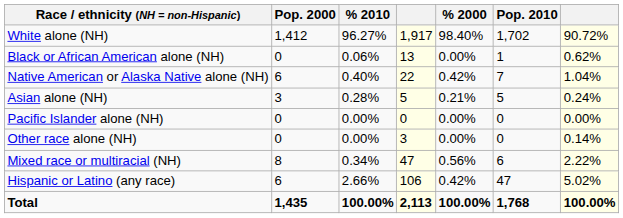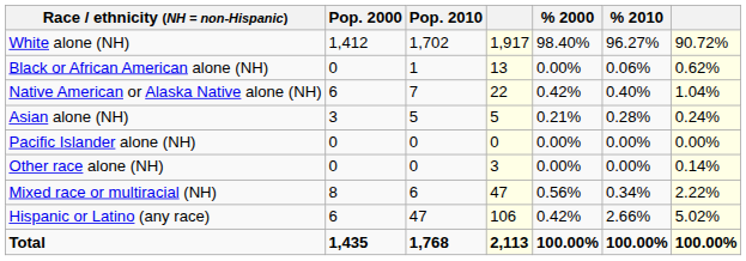 <table class="wikitable">
 <tr>
 <th>Race / ethnicity <small>(<em>NH = non-Hispanic</em>)</small></th>
 <th>Pop. 2000</th>
-<th>% 2010</th>
+<th>Pop. 2010</th>
 <th></th>
 <th>% 2000</th>
-<th>Pop. 2010</th>
+<th>% 2010</th>
 <th></th>
 </tr>
 <tr>
 <td><a href='#'>White</a> alone (NH)</td>
 <td>1,412</td>
-<td>96.27%</td>
+<td>1,702</td>
 <td style='background: #ffffe6;'>1,917</td>
 <td>98.40%</td>
-<td>1,702</td>
+<td>96.27%</td>
 <td style='background: #ffffe6;'>90.72%</td>
 </tr>
 <tr>
 <td><a href='#'>Black or African American</a> alone (NH)</td>
 <td>0</td>
-<td>0.06%</td>
+<td>1</td>
 <td style='background: #ffffe6;'>13</td>
 <td>0.00%</td>
-<td>1</td>
+<td>0.06%</td>
 <td style='background: #ffffe6;'>0.62%</td>
 </tr>
 <tr>
 <td><a href='#'>Native American</a> or <a href='#'>Alaska Native</a> alone (NH)</td>
 <td>6</td>
-<td>0.40%</td>
+<td>7</td>
 <td style='background: #ffffe6;'>22</td>
 <td>0.42%</td>
-<td>7</td>
+<td>0.40%</td>
 <td style='background: #ffffe6;'>1.04%</td>
 </tr>
 <tr>
 <td><a href='#'>Asian</a> alone (NH)</td>
 <td>3</td>
-<td>0.28%</td>
+<td>5</td>
 <td style='background: #ffffe6;'>5</td>
 <td>0.21%</td>
-<td>5</td>
+<td>0.28%</td>
 <td style='background: #ffffe6;'>0.24%</td>
 </tr>
 <tr>
 <td><a href='#'>Pacific Islander</a> alone (NH)</td>
 <td>0</td>
-<td>0.00%</td>
+<td>0</td>
 <td style='background: #ffffe6;'>0</td>
 <td>0.00%</td>
-<td>0</td>
+<td>0.00%</td>
 <td style='background: #ffffe6;'>0.00%</td>
 </tr>
 <tr>
 <td><a href='#'>Other race</a> alone (NH)</td>
 <td>0</td>
-<td>0.00%</td>
+<td>0</td>
 <td style='background: #ffffe6;'>3</td>
 <td>0.00%</td>
-<td>0</td>
+<td>0.00%</td>
 <td style='background: #ffffe6;'>0.14%</td>
 </tr>
 <tr>
 <td><a href='#'>Mixed race or multiracial</a> (NH)</td>
 <td>8</td>
-<td>0.34%</td>
+<td>6</td>
 <td style='background: #ffffe6;'>47</td>
 <td>0.56%</td>
-<td>6</td>
+<td>0.34%</td>
 <td style='background: #ffffe6;'>2.22%</td>
 </tr>
 <tr>
 <td><a href='#'>Hispanic or Latino</a> (any race)</td>
 <td>6</td>
-<td>2.66%</td>
+<td>47</td>
 <td style='background: #ffffe6;'>106</td>
 <td>0.42%</td>
-<td>47</td>
+<td>2.66%</td>
 <td style='background: #ffffe6;'>5.02%</td>
 </tr>
 <tr>
 <td><strong>Total</strong></td>
 <td><strong>1,435</strong></td>
-<td><strong>100.00%</strong></td>
+<td><strong>1,768</strong></td>
 <td style='background: #ffffe6;'><strong>2,113</strong></td>
 <td><strong>100.00%</strong></td>
-<td><strong>1,768</strong></td>
+<td><strong>100.00%</strong></td>
 <td style='background: #ffffe6;'><strong>100.00%</strong></td>
 </tr>
 </table>
